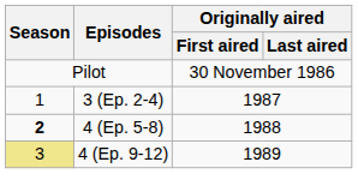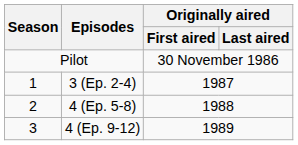 <table class="wikitable" style="text-align:center;">
 <tr>
 <th rowspan="2">Season</th>
 <th rowspan="2">Episodes</th>
 <th colspan="2">Originally aired</th>
 </tr>
 <tr>
 <th>First aired</th>
 <th>Last aired</th>
 </tr>
 <tr>
 <td colspan="2">Pilot</td>
 <td colspan="2">30 November 1986</td>
 </tr>
 <tr>
 <td>1</td>
 <td>3 (Ep. 2-4)</td>
 <td colspan="2">1987</td>
 </tr>
 <tr>
-<td><strong>2</strong></td>
+<td>2</td>
 <td>4 (Ep. 5-8)</td>
 <td colspan="2">1988</td>
 </tr>
 <tr>
-<td style="background: khaki;">3</td>
+<td>3</td>
 <td>4 (Ep. 9-12)</td>
 <td colspan="2">1989</td>
 </tr>
 </table>
